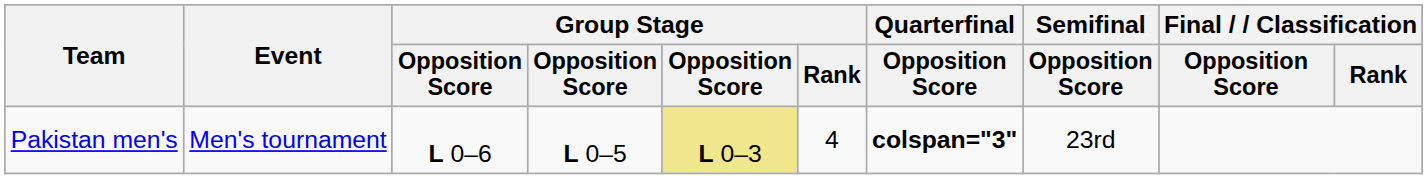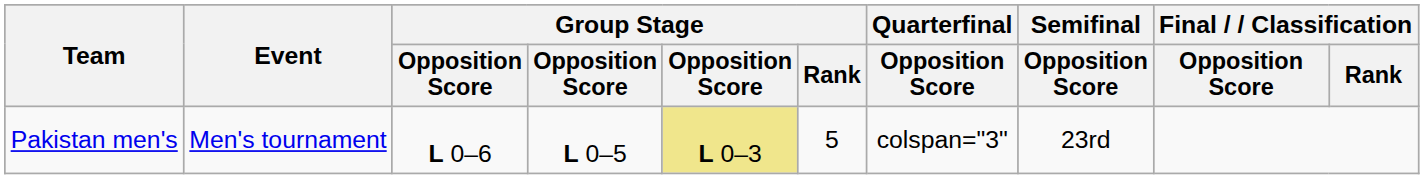 <table class="wikitable" style="font-size:90%;text-align:center">
 <tr>
 <th rowspan="2">Team</th>
 <th rowspan="2">Event</th>
 <th colspan="4">Group Stage</th>
 <th>Quarterfinal</th>
 <th>Semifinal</th>
 <th colspan="2">Final / / Classification</th>
 </tr>
 <tr style="font-size:95%">
 <th>Opposition<br>Score</th>
 <th>Opposition<br>Score</th>
 <th>Opposition<br>Score</th>
 <th>Rank</th>
 <th>Opposition<br>Score</th>
 <th>Opposition<br>Score</th>
 <th>Opposition<br>Score</th>
 <th>Rank</th>
 </tr>
 <tr>
 <td align="left"><a href='#'>Pakistan men's</a></td>
 <td align="left"><a href='#'>Men's tournament</a></td>
 <td><br><strong>L</strong> 0–6</td>
 <td><br><strong>L</strong> 0–5</td>
 <td style="background: khaki;"><br><strong>L</strong> 0–3</td>
-<td>4</td>
-<td><strong>colspan="3" </strong></td>
+<td>5</td>
+<td>colspan="3" </td>
 <td>23rd</td>
 </tr>
 </table>
